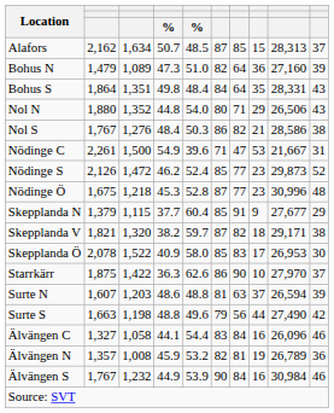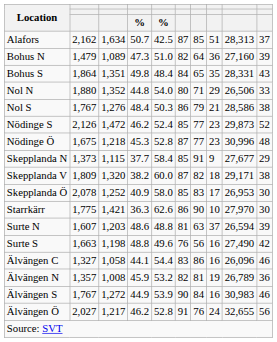 <table role="presentation" class="wikitable sortable mw-collapsible">
 <tr>
 <th rowspan="3">Location</th>
 <th></th>
 <th></th>
 <th></th>
 <th></th>
 <th></th>
 <th></th>
 <th></th>
 <th></th>
 <th></th>
 </tr>
 <tr>
 <th></th>
 <th></th>
 <th style="background:"></th>
 <th style="background:"></th>
 <th></th>
 <th></th>
 <th></th>
 <th></th>
 <th></th>
 </tr>
 <tr>
 <th data-sort-type="number"></th>
 <th data-sort-type="number"></th>
 <th data-sort-type="number">%</th>
 <th data-sort-type="number">%</th>
 <th data-sort-type="number"></th>
 <th data-sort-type="number"></th>
 <th data-sort-type="number"></th>
 <th data-sort-type="number"></th>
 <th data-sort-type="number"></th>
 </tr>
 <tr>
 <td align="left">Alafors</td>
 <td>2,162</td>
 <td>1,634</td>
 <td>50.7</td>
-<td>48.5</td>
+<td>42.5</td>
 <td>87</td>
 <td>85</td>
-<td>15</td>
+<td>51</td>
 <td>28,313</td>
 <td>37</td>
 </tr>
 <tr>
 <td align="left">Bohus N</td>
 <td>1,479</td>
 <td>1,089</td>
 <td>47.3</td>
 <td>51.0</td>
 <td>82</td>
 <td>64</td>
 <td>36</td>
 <td>27,160</td>
 <td>39</td>
 </tr>
 <tr>
 <td align="left">Bohus S</td>
 <td>1,864</td>
 <td>1,351</td>
 <td>49.8</td>
 <td>48.4</td>
 <td>84</td>
-<td>64</td>
+<td>65</td>
 <td>35</td>
 <td>28,331</td>
 <td>43</td>
 </tr>
 <tr>
 <td align="left">Nol N</td>
 <td>1,880</td>
 <td>1,352</td>
 <td>44.8</td>
 <td>54.0</td>
 <td>80</td>
 <td>71</td>
 <td>29</td>
 <td>26,506</td>
-<td>43</td>
+<td>33</td>
 </tr>
 <tr>
 <td align="left">Nol S</td>
 <td>1,767</td>
 <td>1,276</td>
 <td>48.4</td>
 <td>50.3</td>
 <td>86</td>
-<td>82</td>
+<td>79</td>
 <td>21</td>
 <td>28,586</td>
 <td>38</td>
-</tr>
-<tr>
-<td align="left">Nödinge C</td>
-<td>2,261</td>
-<td>1,500</td>
-<td>54.9</td>
-<td>39.6</td>
-<td>71</td>
-<td>47</td>
-<td>53</td>
-<td>21,667</td>
-<td>31</td>
 </tr>
 <tr>
 <td align="left">Nödinge S</td>
 <td>2,126</td>
 <td>1,472</td>
 <td>46.2</td>
 <td>52.4</td>
 <td>85</td>
 <td>77</td>
 <td>23</td>
 <td>29,873</td>
 <td>52</td>
 </tr>
 <tr>
 <td align="left">Nödinge Ö</td>
 <td>1,675</td>
 <td>1,218</td>
 <td>45.3</td>
 <td>52.8</td>
 <td>87</td>
 <td>77</td>
 <td>23</td>
 <td>30,996</td>
 <td>48</td>
 </tr>
 <tr>
 <td align="left">Skepplanda N</td>
-<td>1,379</td>
+<td>1,373</td>
 <td>1,115</td>
 <td>37.7</td>
-<td>60.4</td>
+<td>58.4</td>
 <td>85</td>
 <td>91</td>
 <td>9</td>
 <td>27,677</td>
 <td>29</td>
 </tr>
 <tr>
 <td align="left">Skepplanda V</td>
-<td>1,821</td>
+<td>1,809</td>
 <td>1,320</td>
 <td>38.2</td>
-<td>59.7</td>
+<td>60.0</td>
 <td>87</td>
 <td>82</td>
 <td>18</td>
 <td>29,171</td>
 <td>38</td>
 </tr>
 <tr>
 <td align="left">Skepplanda Ö</td>
 <td>2,078</td>
-<td>1,522</td>
+<td>1,252</td>
 <td>40.9</td>
 <td>58.0</td>
 <td>85</td>
 <td>83</td>
 <td>17</td>
 <td>26,953</td>
 <td>30</td>
 </tr>
 <tr>
 <td align="left">Starrkärr</td>
-<td>1,875</td>
-<td>1,422</td>
+<td>1,775</td>
+<td>1,421</td>
 <td>36.3</td>
 <td>62.6</td>
 <td>86</td>
 <td>90</td>
 <td>10</td>
 <td>27,970</td>
-<td>37</td>
+<td>30</td>
 </tr>
 <tr>
 <td align="left">Surte N</td>
 <td>1,607</td>
 <td>1,203</td>
 <td>48.6</td>
 <td>48.8</td>
 <td>81</td>
 <td>63</td>
 <td>37</td>
 <td>26,594</td>
 <td>39</td>
 </tr>
 <tr>
 <td align="left">Surte S</td>
 <td>1,663</td>
 <td>1,198</td>
 <td>48.8</td>
 <td>49.6</td>
-<td>79</td>
+<td>76</td>
 <td>56</td>
-<td>44</td>
+<td>16</td>
 <td>27,490</td>
 <td>42</td>
 </tr>
 <tr>
 <td align="left">Älvängen C</td>
 <td>1,327</td>
 <td>1,058</td>
 <td>44.1</td>
 <td>54.4</td>
 <td>83</td>
-<td>84</td>
+<td>86</td>
 <td>16</td>
 <td>26,096</td>
 <td>46</td>
 </tr>
 <tr>
 <td align="left">Älvängen N</td>
 <td>1,357</td>
 <td>1,008</td>
 <td>45.9</td>
 <td>53.2</td>
 <td>82</td>
 <td>81</td>
 <td>19</td>
 <td>26,789</td>
 <td>36</td>
 </tr>
 <tr>
 <td align="left">Älvängen S</td>
 <td>1,767</td>
-<td>1,232</td>
+<td>1,272</td>
 <td>44.9</td>
 <td>53.9</td>
 <td>90</td>
 <td>84</td>
 <td>16</td>
-<td>30,984</td>
+<td>30,983</td>
 <td>46</td>
+</tr>
+<tr>
+<td align="left">Älvängen Ö</td>
+<td>2,027</td>
+<td>1,217</td>
+<td>46.2</td>
+<td>52.8</td>
+<td>91</td>
+<td>76</td>
+<td>24</td>
+<td>32,655</td>
+<td>56</td>
 </tr>
 <tr>
 <td colspan="10" align="left">Source: <a href='#'>SVT</a></td>
 </tr>
 </table>
